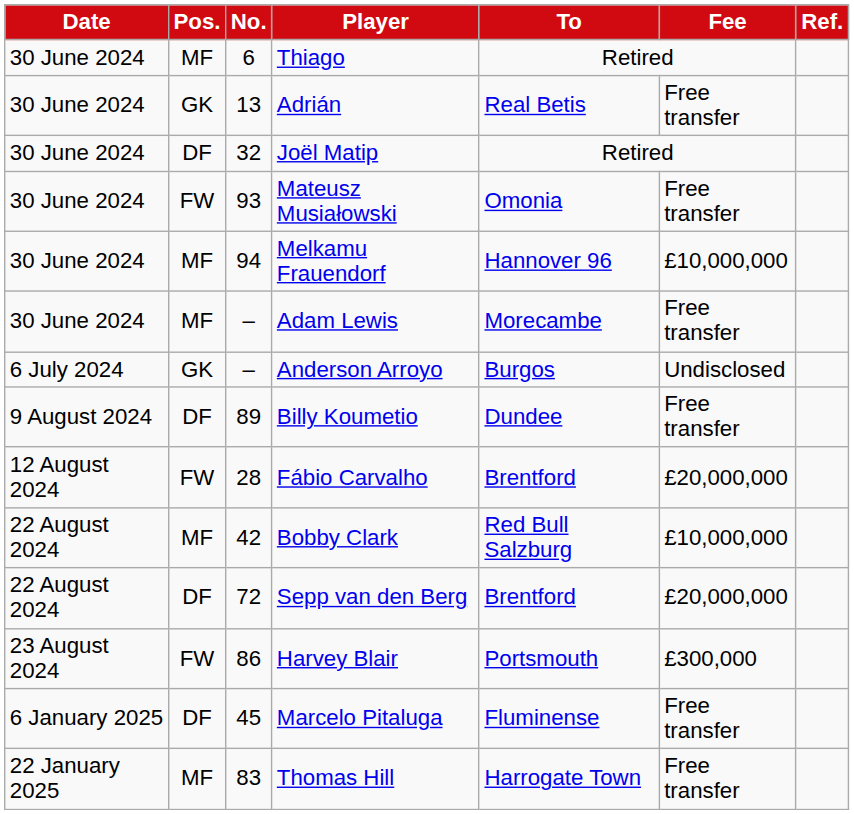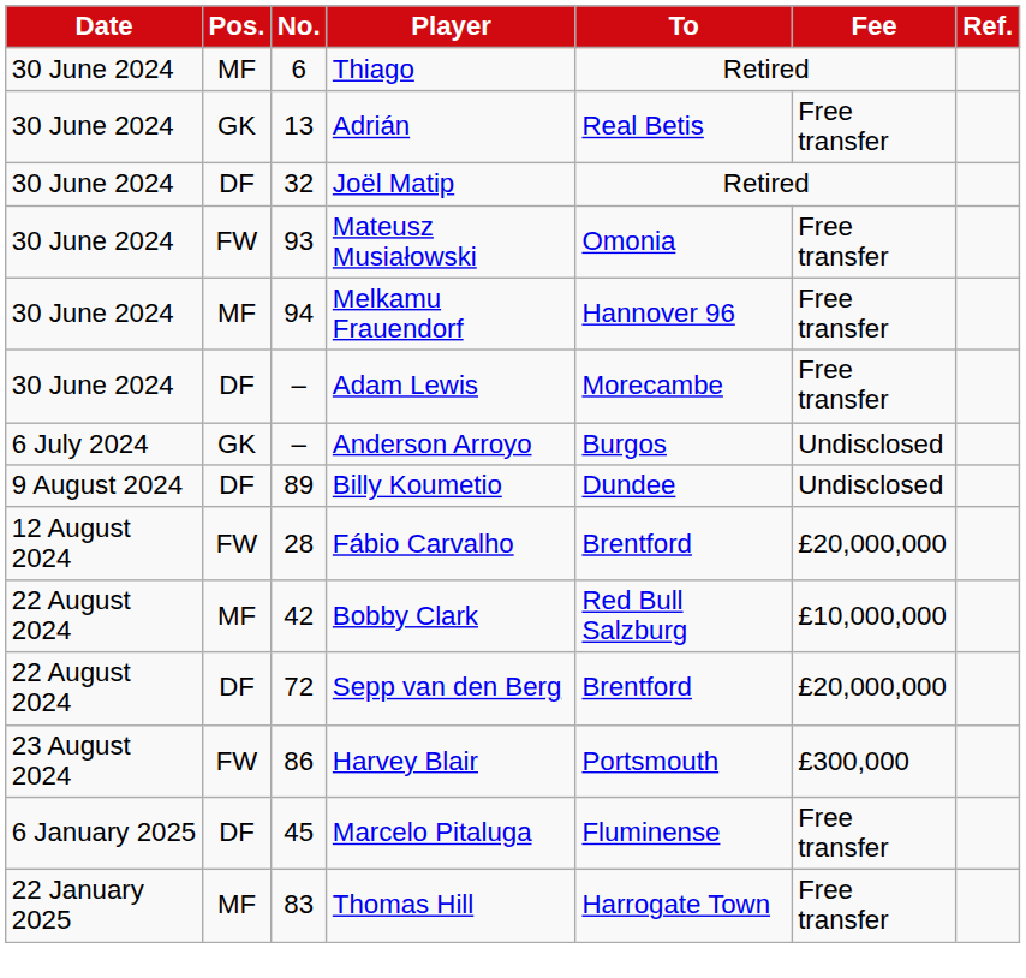 <table class="wikitable plainrowheaders sortable">
 <tr>
 <th style="background:#D10A11; color:white; ">Date</th>
 <th style="background:#D10A11; color:white; ">Pos.</th>
 <th style="background:#D10A11; color:white; ">No.</th>
 <th style="background:#D10A11; color:white; ">Player</th>
 <th style="background:#D10A11; color:white; ">To</th>
 <th style="background:#D10A11; color:white; ">Fee</th>
 <th style="background:#D10A11; color:white; ">Ref.</th>
 </tr>
 <tr>
 <td>30 June 2024</td>
 <td style="text-align:center">MF</td>
 <td style="text-align:center">6</td>
 <td> <a href='#'>Thiago</a></td>
 <td colspan="2" align="center">Retired</td>
 <td></td>
 </tr>
 <tr>
 <td>30 June 2024</td>
 <td style="text-align:center">GK</td>
 <td style="text-align:center">13</td>
 <td> <a href='#'>Adrián</a></td>
 <td> <a href='#'>Real Betis</a></td>
 <td> Free transfer</td>
 <td></td>
 </tr>
 <tr>
 <td>30 June 2024</td>
 <td style="text-align:center">DF</td>
 <td style="text-align:center">32</td>
 <td> <a href='#'>Joël Matip</a></td>
 <td colspan="2" align="center">Retired</td>
 <td></td>
 </tr>
 <tr>
 <td>30 June 2024</td>
 <td style="text-align:center">FW</td>
 <td style="text-align:center">93</td>
 <td> <a href='#'>Mateusz Musiałowski</a></td>
 <td> <a href='#'>Omonia</a></td>
 <td> Free transfer</td>
 <td></td>
 </tr>
 <tr>
 <td>30 June 2024</td>
 <td style="text-align:center">MF</td>
 <td style="text-align:center">94</td>
 <td> <a href='#'>Melkamu Frauendorf</a></td>
 <td> <a href='#'>Hannover 96</a></td>
-<td> £10,000,000</td>
+<td> Free transfer</td>
 <td></td>
 </tr>
 <tr>
 <td>30 June 2024</td>
-<td style="text-align:center">MF</td>
+<td style="text-align:center">DF</td>
 <td style="text-align:center">–</td>
 <td> <a href='#'>Adam Lewis</a></td>
 <td> <a href='#'>Morecambe</a></td>
 <td> Free transfer</td>
 <td></td>
 </tr>
 <tr>
 <td>6 July 2024</td>
 <td style="text-align:center">GK</td>
 <td style="text-align:center">–</td>
 <td> <a href='#'>Anderson Arroyo</a></td>
 <td> <a href='#'>Burgos</a></td>
 <td> Undisclosed</td>
 <td></td>
 </tr>
 <tr>
 <td>9 August 2024</td>
 <td style="text-align:center">DF</td>
 <td style="text-align:center">89</td>
 <td> <a href='#'>Billy Koumetio</a></td>
 <td> <a href='#'>Dundee</a></td>
-<td> Free transfer</td>
+<td> Undisclosed</td>
 <td></td>
 </tr>
 <tr>
 <td>12 August 2024</td>
 <td style="text-align:center">FW</td>
 <td style="text-align:center">28</td>
 <td> <a href='#'>Fábio Carvalho</a></td>
 <td> <a href='#'>Brentford</a></td>
 <td> £20,000,000</td>
 <td></td>
 </tr>
 <tr>
 <td>22 August 2024</td>
 <td style="text-align:center">MF</td>
 <td style="text-align:center">42</td>
 <td> <a href='#'>Bobby Clark</a></td>
 <td> <a href='#'>Red Bull Salzburg</a></td>
 <td> £10,000,000</td>
 <td></td>
 </tr>
 <tr>
 <td>22 August 2024</td>
 <td style="text-align:center">DF</td>
 <td style="text-align:center">72</td>
 <td> <a href='#'>Sepp van den Berg</a></td>
 <td> <a href='#'>Brentford</a></td>
 <td> £20,000,000</td>
 <td></td>
 </tr>
 <tr>
 <td>23 August 2024</td>
 <td style="text-align:center">FW</td>
 <td style="text-align:center">86</td>
 <td> <a href='#'>Harvey Blair</a></td>
 <td> <a href='#'>Portsmouth</a></td>
 <td> £300,000</td>
 <td></td>
 </tr>
 <tr>
 <td>6 January 2025</td>
 <td style="text-align:center">DF</td>
 <td style="text-align:center">45</td>
 <td> <a href='#'>Marcelo Pitaluga</a></td>
 <td> <a href='#'>Fluminense</a></td>
 <td> Free transfer</td>
 <td></td>
 </tr>
 <tr>
 <td>22 January 2025</td>
 <td style="text-align:center">MF</td>
 <td style="text-align:center">83</td>
 <td> <a href='#'>Thomas Hill</a></td>
 <td> <a href='#'>Harrogate Town</a></td>
 <td> Free transfer</td>
 <td></td>
 </tr>
 </table>
